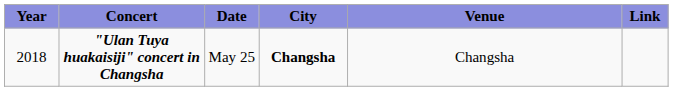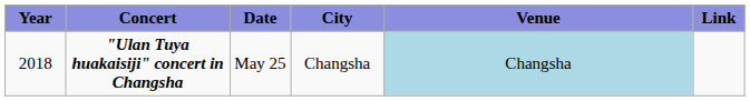 <table class="wikitable sortable mw-collapsible" width="80%" style="text-align:center">
 <tr align="center" style="background:#8B8EDE">
 <td style="width:2%"><strong>Year</strong></td>
 <td style="width:8%"><strong>Concert</strong></td>
 <td style="width:2%"><strong>Date</strong></td>
 <td style="width:2%"><strong>City</strong></td>
 <td style="width:18%"><strong>Venue</strong></td>
 <td style="width:1%"><strong>Link</strong></td>
 </tr>
 <tr>
 <td rowspan="2">2018</td>
 <td rowspan="2"><strong><em>"Ulan Tuya huakaisiji" concert in Changsha</em></strong></td>
 <td>May 25</td>
-<td><strong>Changsha</strong></td>
 <td>Changsha</td>
+<td style="background: lightblue;">Changsha</td>
 <td></td>
 </tr>
 </table>
